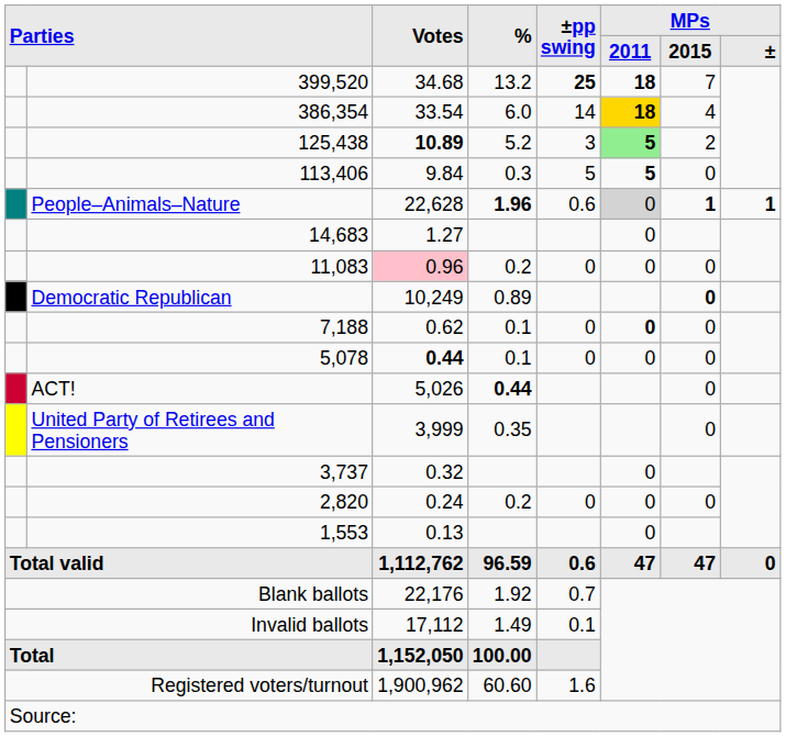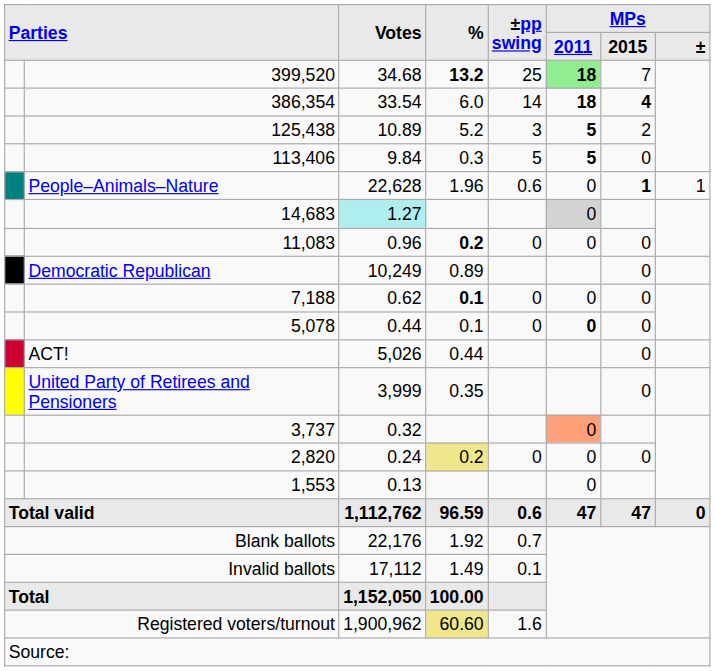 <table class="wikitable" style="text-align:right; font-size:95%;">
 <tr>
 <th rowspan="2" colspan="2" style="background:#e9e9e9; text-align:left;" alignleft><a href='#'>Parties</a></th>
 <th rowspan="2" style="background:#e9e9e9; text-align:right;">Votes</th>
 <th rowspan="2" style="background:#e9e9e9; text-align:right;">%</th>
 <th rowspan="2" style="background:#e9e9e9; text-align:right;">±<a href='#'>pp</a> <a href='#'>swing</a></th>
 <th colspan="3" style="background:#e9e9e9; text-align:center;"><a href='#'>MPs</a></th>
 </tr>
 <tr style="background-color:#E9E9E9">
 <th style="background-color:#E9E9E9;text-align:center;"><a href='#'>2011</a></th>
 <th style="background-color:#E9E9E9;text-align:center;">2015</th>
 <th style="background:#e9e9e9; text-align:right;">±</th>
 </tr>
 <tr>
 <td> </td>
 <td>399,520</td>
 <td>34.68</td>
-<td>13.2</td>
-<td><strong>25</strong></td>
-<td><strong>18</strong></td>
+<td><strong>13.2</strong></td>
+<td>25</td>
+<td style="background: lightgreen;"><strong>18</strong></td>
 <td>7</td>
 </tr>
 <tr>
 <td></td>
 <td>386,354</td>
 <td>33.54</td>
 <td>6.0</td>
 <td>14</td>
-<td style="background: gold;"><strong>18</strong></td>
-<td>4</td>
+<td><strong>18</strong></td>
+<td><strong>4</strong></td>
 </tr>
 <tr>
 <td></td>
 <td>125,438</td>
-<td><strong>10.89</strong></td>
+<td>10.89</td>
 <td>5.2</td>
 <td>3</td>
-<td style="background: lightgreen;"><strong>5</strong></td>
+<td><strong>5</strong></td>
 <td>2</td>
 </tr>
 <tr>
 <td></td>
 <td>113,406</td>
 <td>9.84</td>
 <td>0.3</td>
 <td>5</td>
 <td><strong>5</strong></td>
 <td>0</td>
 </tr>
 <tr>
 <td style="width: 10px" bgcolor="teal" align="center"></td>
 <td align="left"><a href='#'>People–Animals–Nature</a></td>
 <td>22,628</td>
-<td><strong>1.96</strong></td>
+<td>1.96</td>
 <td>0.6</td>
-<td style="background: lightgrey;">0</td>
+<td>0</td>
 <td><strong>1</strong></td>
-<td><strong>1</strong></td>
+<td>1</td>
 </tr>
 <tr>
 <td></td>
 <td>14,683</td>
-<td>1.27</td>
+<td style="background: paleturquoise;">1.27</td>
 <td></td>
 <td></td>
-<td>0</td>
+<td style="background: lightgrey;">0</td>
 <td></td>
 </tr>
 <tr>
 <td></td>
 <td>11,083</td>
-<td style="background: pink;">0.96</td>
-<td>0.2</td>
+<td>0.96</td>
+<td><strong>0.2</strong></td>
 <td>0</td>
 <td>0</td>
 <td>0</td>
 </tr>
 <tr>
 <td style="width: 10px" bgcolor=black align="center"></td>
 <td align=left><a href='#'>Democratic Republican</a></td>
 <td>10,249</td>
 <td>0.89</td>
 <td></td>
 <td></td>
-<td><strong>0</strong></td>
+<td>0</td>
 <td></td>
 </tr>
 <tr>
 <td></td>
 <td>7,188</td>
 <td>0.62</td>
+<td><strong>0.1</strong></td>
+<td>0</td>
+<td>0</td>
+<td>0</td>
+</tr>
+<tr>
+<td></td>
+<td>5,078</td>
+<td>0.44</td>
 <td>0.1</td>
 <td>0</td>
 <td><strong>0</strong></td>
 <td>0</td>
 </tr>
 <tr>
-<td></td>
-<td>5,078</td>
-<td><strong>0.44</strong></td>
-<td>0.1</td>
-<td>0</td>
-<td>0</td>
-<td>0</td>
-</tr>
-<tr>
 <td style="width:10px; background:#CC0033; text-align:center;"></td>
 <td style="text-align:left;">ACT! </td>
 <td>5,026</td>
-<td><strong>0.44</strong></td>
+<td>0.44</td>
 <td></td>
 <td></td>
 <td>0</td>
 <td></td>
 </tr>
 <tr>
 <td style="width: 10px" bgcolor=yellow align="center"></td>
 <td align=left><a href='#'>United Party of Retirees and Pensioners</a></td>
 <td>3,999</td>
 <td>0.35</td>
 <td></td>
 <td></td>
 <td>0</td>
 <td></td>
 </tr>
 <tr>
 <td></td>
 <td>3,737</td>
 <td>0.32</td>
 <td></td>
 <td></td>
-<td>0</td>
+<td style="background: lightsalmon;">0</td>
 <td></td>
 </tr>
 <tr>
 <td></td>
 <td>2,820</td>
 <td>0.24</td>
-<td>0.2</td>
+<td style="background: khaki;">0.2</td>
 <td>0</td>
 <td>0</td>
 <td>0</td>
 </tr>
 <tr>
 <td></td>
 <td>1,553</td>
 <td>0.13</td>
 <td></td>
 <td></td>
 <td>0</td>
 <td></td>
 </tr>
 <tr>
 <td colspan=2 align=left style="background-color:#E9E9E9"><strong>Total valid</strong></td>
 <td width="65" align="right" style="background-color:#E9E9E9"><strong>1,112,762</strong></td>
 <td width="40" align="right" style="background-color:#E9E9E9"><strong>96.59</strong></td>
 <td width="40" align="right" style="background-color:#E9E9E9"><strong>0.6</strong></td>
 <td width="40" align="right" style="background-color:#E9E9E9"><strong>47</strong></td>
 <td width="40" align="right" style="background-color:#E9E9E9"><strong>47</strong></td>
 <td width="40" align="right" style="background-color:#E9E9E9"><strong>0</strong></td>
 </tr>
 <tr>
 <td colspan=2>Blank ballots</td>
 <td>22,176</td>
 <td>1.92</td>
 <td>0.7</td>
 <td colspan=4 rowspan=4></td>
 </tr>
 <tr>
 <td colspan=2>Invalid ballots</td>
 <td>17,112</td>
 <td>1.49</td>
 <td>0.1</td>
 </tr>
 <tr>
 <td colspan=2 width="259" align=left style="background-color:#E9E9E9"><strong>Total</strong></td>
 <td width="50" align="right" style="background-color:#E9E9E9"><strong>1,152,050</strong></td>
 <td width="40" align="right" style="background-color:#E9E9E9"><strong>100.00</strong></td>
 <td width="40" align="right" style="background-color:#E9E9E9"></td>
 </tr>
 <tr>
 <td colspan=2>Registered voters/turnout</td>
 <td>1,900,962</td>
-<td>60.60</td>
+<td style="background: khaki;">60.60</td>
 <td>1.6</td>
 </tr>
 <tr>
 <td colspan=11 align=left>Source: </td>
 </tr>
 </table>
